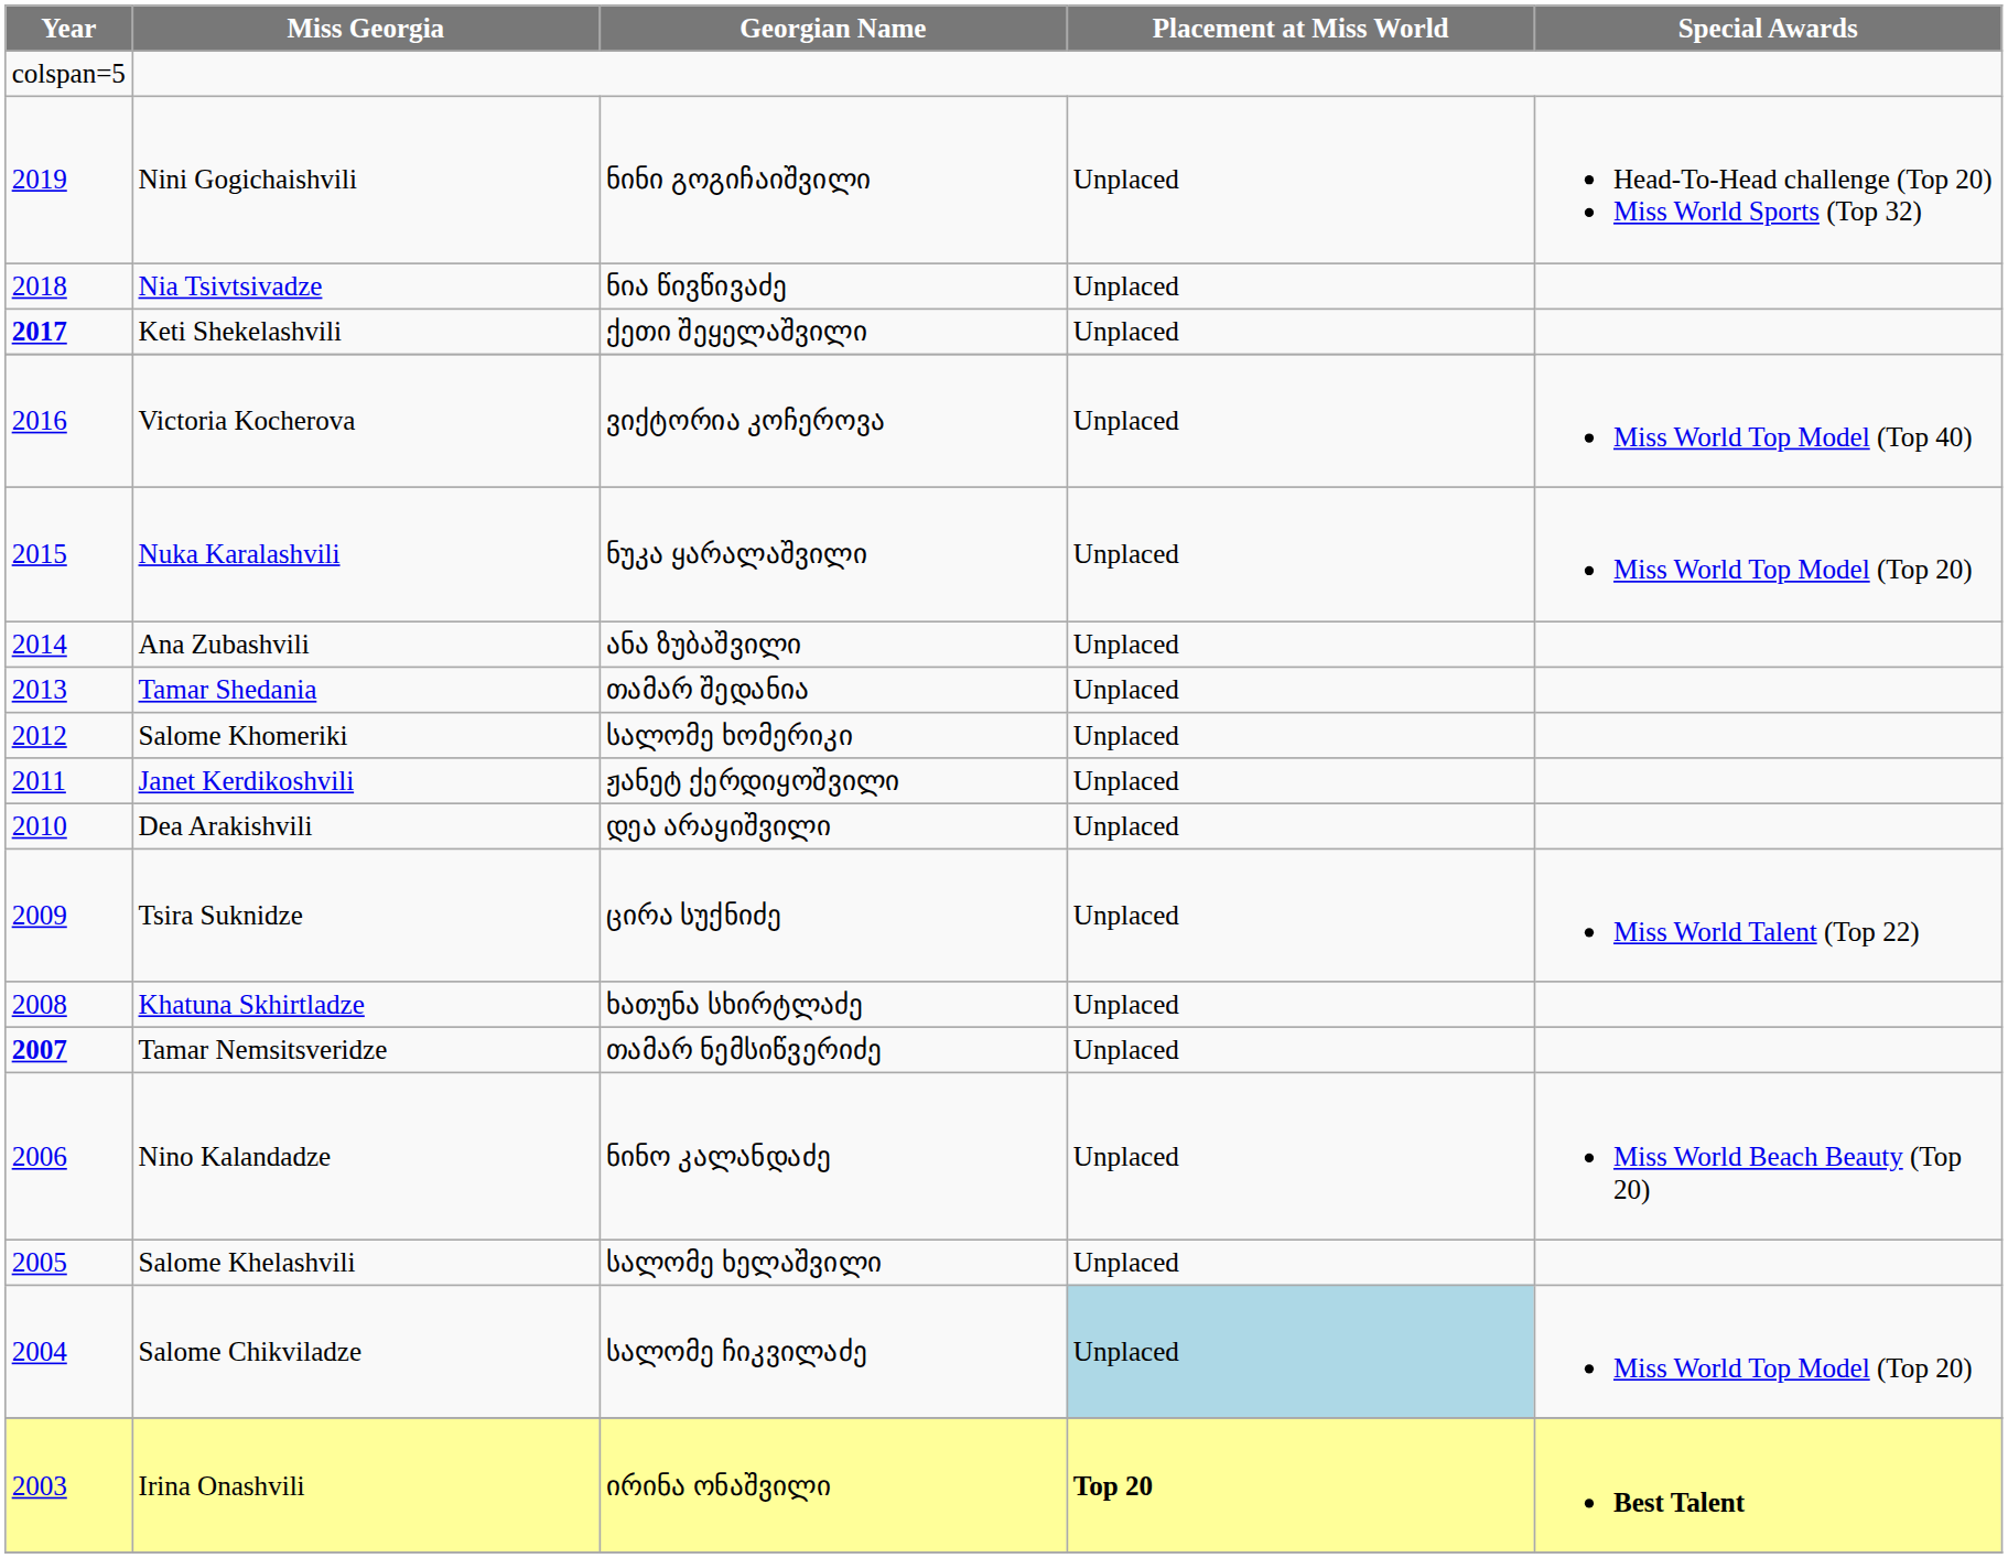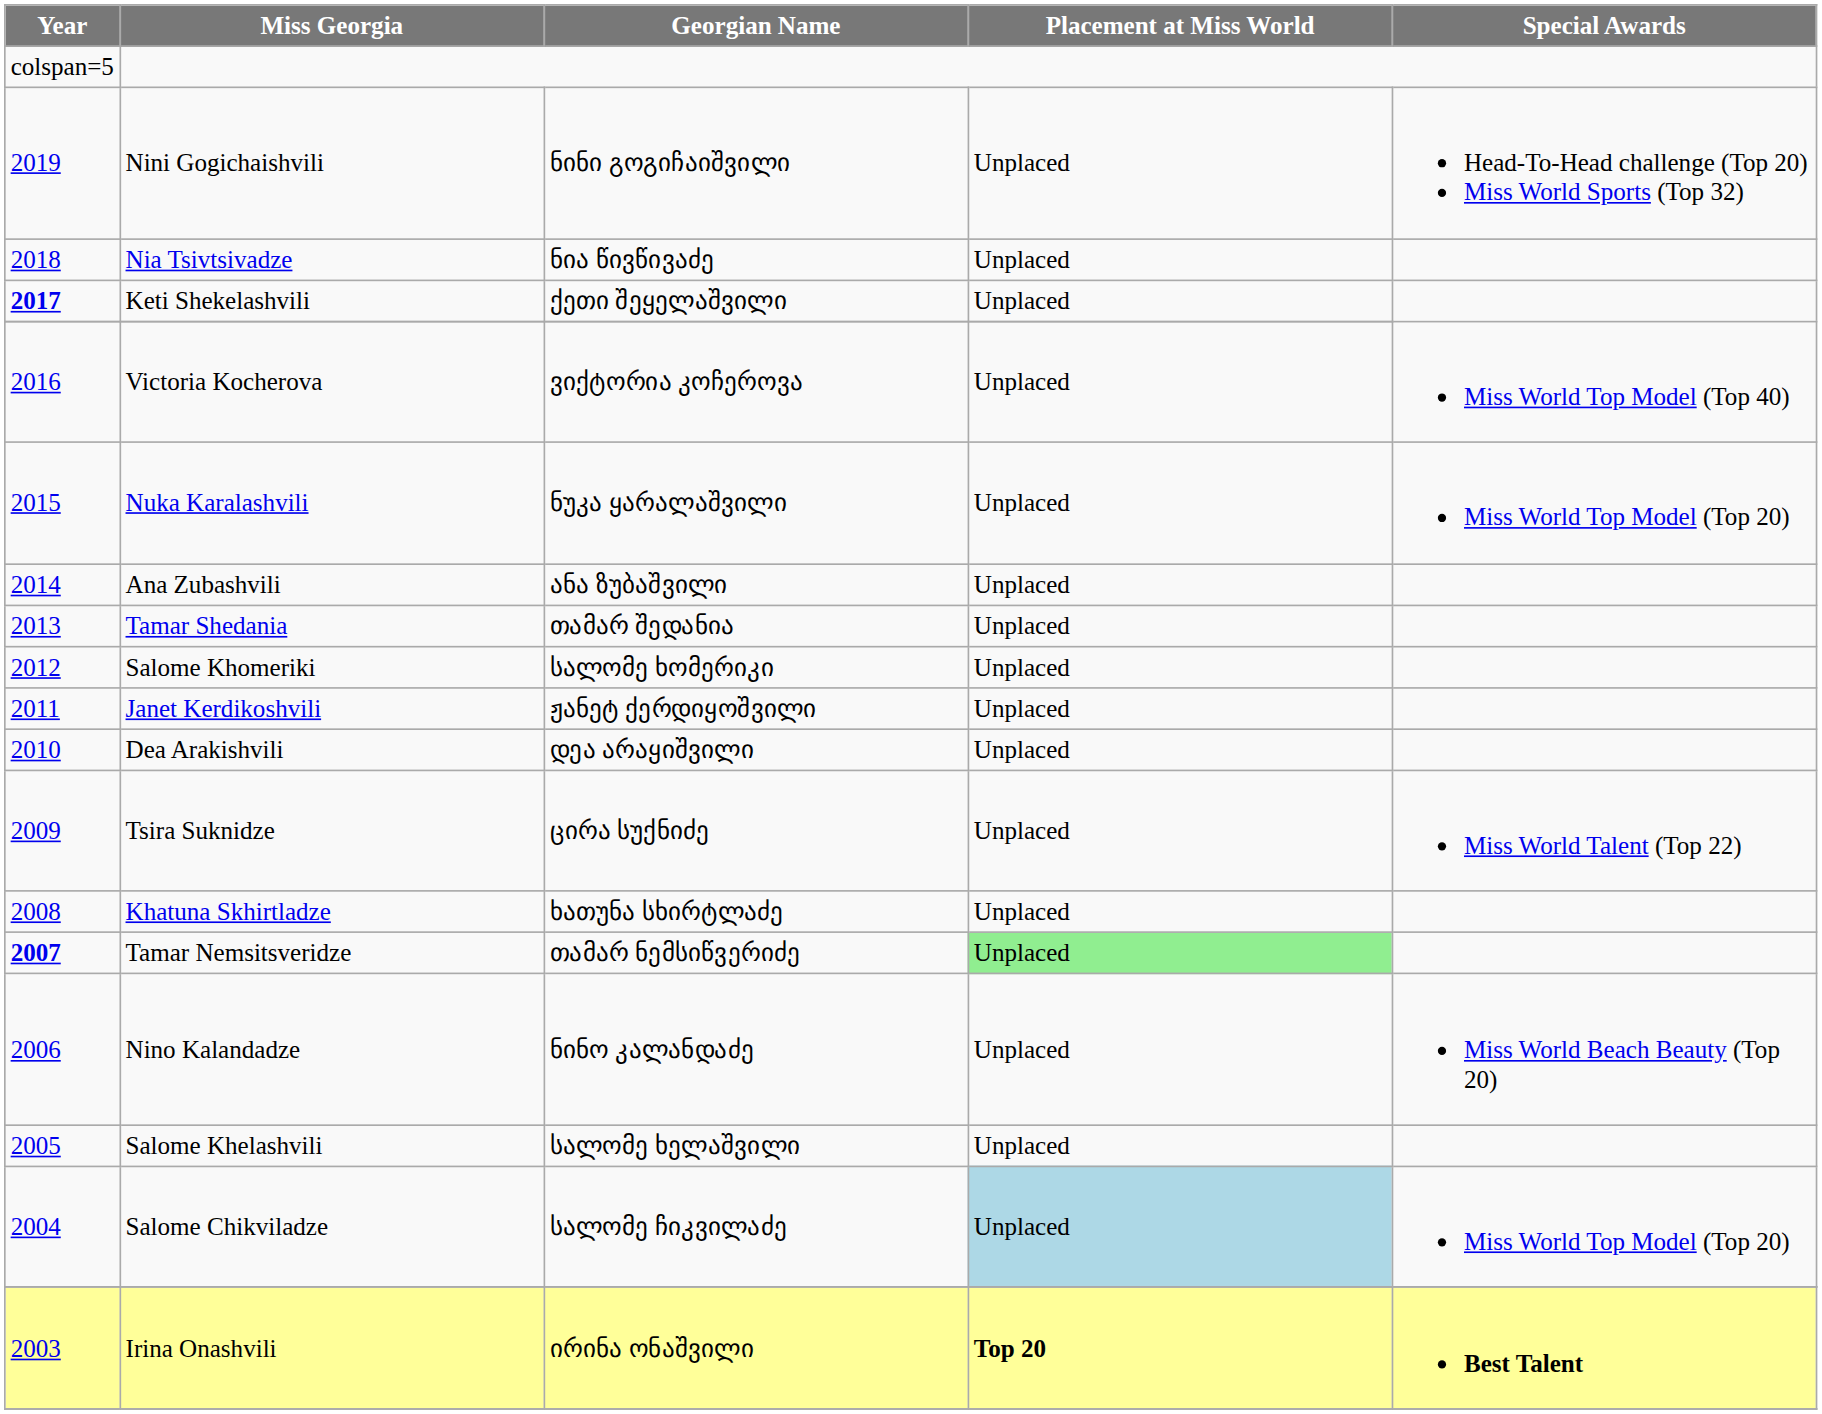 <table class="wikitable " style="font-size: 95%;">
 <tr>
 <th width="60" style="background-color:#787878;color:#FFFFFF;">Year</th>
 <th width="250" style="background-color:#787878;color:#FFFFFF;">Miss Georgia</th>
 <th width="250" style="background-color:#787878;color:#FFFFFF;">Georgian Name</th>
 <th width="250" style="background-color:#787878;color:#FFFFFF;">Placement at Miss World</th>
 <th width="250" style="background-color:#787878;color:#FFFFFF;">Special Awards</th>
 </tr>
 <tr>
 <td>colspan=5 </td>
 </tr>
 <tr>
 <td><a href='#'>2019</a></td>
 <td>Nini Gogichaishvili</td>
 <td>ნინი გოგიჩაიშვილი</td>
 <td>Unplaced</td>
 <td align="left"><br><ul><li>Head-To-Head challenge (Top 20)</li><li><a href='#'>Miss World Sports</a> (Top 32)</li></ul></td>
 </tr>
 <tr>
 <td><a href='#'>2018</a></td>
 <td><a href='#'>Nia Tsivtsivadze</a></td>
 <td>ნია წივწივაძე</td>
 <td>Unplaced</td>
 <td></td>
 </tr>
 <tr>
 <td><strong><a href='#'>2017</a></strong></td>
 <td>Keti Shekelashvili</td>
 <td>ქეთი შეყელაშვილი</td>
 <td>Unplaced</td>
 </tr>
 <tr>
 </tr>
 <tr>
 <td><a href='#'>2016</a></td>
 <td>Victoria Kocherova</td>
 <td>ვიქტორია კოჩეროვა</td>
 <td>Unplaced</td>
 <td align="left"><br><ul><li><a href='#'>Miss World Top Model</a> (Top 40)</li></ul></td>
 </tr>
 <tr>
 <td><a href='#'>2015</a></td>
 <td><a href='#'>Nuka Karalashvili</a></td>
 <td>ნუკა ყარალაშვილი</td>
 <td>Unplaced</td>
 <td align="left"><br><ul><li><a href='#'>Miss World Top Model</a> (Top 20)</li></ul></td>
 </tr>
 <tr>
 <td><a href='#'>2014</a></td>
 <td>Ana Zubashvili</td>
 <td>ანა ზუბაშვილი</td>
 <td>Unplaced</td>
 <td></td>
 </tr>
 <tr>
 <td><a href='#'>2013</a></td>
 <td><a href='#'>Tamar Shedania</a></td>
 <td>თამარ შედანია</td>
 <td>Unplaced</td>
 <td></td>
 </tr>
 <tr>
 <td><a href='#'>2012</a></td>
 <td>Salome Khomeriki</td>
 <td>სალომე ხომერიკი</td>
 <td>Unplaced</td>
 <td></td>
 </tr>
 <tr>
 <td><a href='#'>2011</a></td>
 <td><a href='#'>Janet Kerdikoshvili</a></td>
 <td>ჟანეტ ქერდიყოშვილი</td>
 <td>Unplaced</td>
 <td></td>
 </tr>
 <tr>
 <td><a href='#'>2010</a></td>
 <td>Dea Arakishvili</td>
 <td>დეა არაყიშვილი</td>
 <td>Unplaced</td>
 <td></td>
 </tr>
 <tr>
 <td><a href='#'>2009</a></td>
 <td>Tsira Suknidze</td>
 <td>ცირა სუქნიძე</td>
 <td>Unplaced</td>
 <td align="left"><br><ul><li><a href='#'>Miss World Talent</a> (Top 22)</li></ul></td>
 </tr>
 <tr>
 <td><a href='#'>2008</a></td>
 <td><a href='#'>Khatuna Skhirtladze</a></td>
 <td>ხათუნა სხირტლაძე</td>
 <td>Unplaced</td>
 <td></td>
 </tr>
 <tr>
 <td><strong><a href='#'>2007</a></strong></td>
 <td>Tamar Nemsitsveridze</td>
 <td>თამარ ნემსიწვერიძე</td>
-<td>Unplaced</td>
+<td style="background: lightgreen;">Unplaced</td>
 <td></td>
 </tr>
 <tr>
 <td><a href='#'>2006</a></td>
 <td>Nino Kalandadze</td>
 <td>ნინო კალანდაძე</td>
 <td>Unplaced</td>
 <td align="left"><br><ul><li><a href='#'>Miss World Beach Beauty</a> (Top 20)</li></ul></td>
 </tr>
 <tr>
 <td><a href='#'>2005</a></td>
 <td>Salome Khelashvili</td>
 <td>სალომე ხელაშვილი</td>
 <td>Unplaced</td>
 <td></td>
 </tr>
 <tr>
 <td><a href='#'>2004</a></td>
 <td>Salome Chikviladze</td>
 <td>სალომე ჩიკვილაძე</td>
 <td style="background: lightblue;">Unplaced</td>
 <td align="left"><br><ul><li><a href='#'>Miss World Top Model</a> (Top 20)</li></ul></td>
 </tr>
 <tr>
 </tr>
 <tr style="background-color:#FFFF99;">
 <td><a href='#'>2003</a></td>
 <td>Irina Onashvili</td>
 <td>ირინა ონაშვილი</td>
 <td><strong>Top 20</strong></td>
 <td align="left"><br><ul><li><strong>Best Talent</strong></li></ul></td>
 </tr>
 <tr>
 </tr>
 </table>
